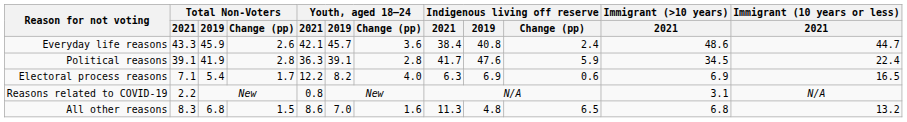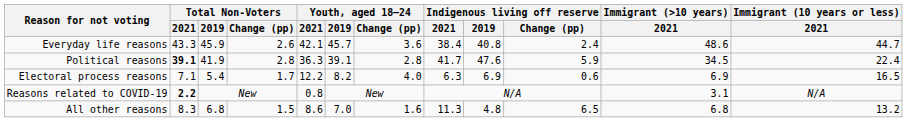 <table class="wikitable" style="text-align:right;">
 <tr>
 <th rowspan="2">Reason for not voting</th>
 <th colspan="3">Total Non-Voters</th>
 <th colspan="3">Youth, aged 18–24</th>
 <th colspan="3">Indigenous living off reserve</th>
 <th>Immigrant (>10 years)</th>
 <th>Immigrant (10 years or less)</th>
 </tr>
 <tr>
 <th>2021</th>
 <th>2019</th>
 <th>Change (pp)</th>
 <th>2021</th>
 <th>2019</th>
 <th>Change (pp)</th>
 <th>2021</th>
 <th>2019</th>
 <th>Change (pp)</th>
 <th>2021</th>
 <th>2021</th>
 </tr>
 <tr>
 <td>Everyday life reasons</td>
 <td>43.3</td>
 <td>45.9</td>
 <td>2.6</td>
 <td>42.1</td>
 <td>45.7</td>
 <td>3.6</td>
 <td>38.4</td>
 <td>40.8</td>
 <td>2.4</td>
 <td>48.6</td>
 <td>44.7</td>
 </tr>
 <tr>
 <td>Political reasons</td>
-<td>39.1</td>
+<td><strong>39.1</strong></td>
 <td>41.9</td>
 <td>2.8</td>
 <td>36.3</td>
 <td>39.1</td>
 <td>2.8</td>
 <td>41.7</td>
 <td>47.6</td>
 <td>5.9</td>
 <td>34.5</td>
 <td>22.4</td>
 </tr>
 <tr>
 <td>Electoral process reasons</td>
 <td>7.1</td>
 <td>5.4</td>
 <td>1.7</td>
 <td>12.2</td>
 <td>8.2</td>
 <td>4.0</td>
 <td>6.3</td>
 <td>6.9</td>
 <td>0.6</td>
 <td>6.9</td>
 <td>16.5</td>
 </tr>
 <tr>
 <td>Reasons related to COVID-19</td>
-<td>2.2</td>
+<td><strong>2.2</strong></td>
 <td colspan="2" style="text-align:center;"><em>New</em></td>
 <td>0.8</td>
 <td colspan="2" style="text-align:center;"><em>New</em></td>
 <td colspan="3" style="text-align:center;"><em>N/A</em></td>
 <td>3.1</td>
 <td style="text-align:center;"><em>N/A</em></td>
 </tr>
 <tr>
 <td>All other reasons</td>
 <td>8.3</td>
 <td>6.8</td>
 <td>1.5</td>
 <td>8.6</td>
 <td>7.0</td>
 <td>1.6</td>
 <td>11.3</td>
 <td>4.8</td>
 <td>6.5</td>
 <td>6.8</td>
 <td>13.2</td>
 </tr>
 </table>
